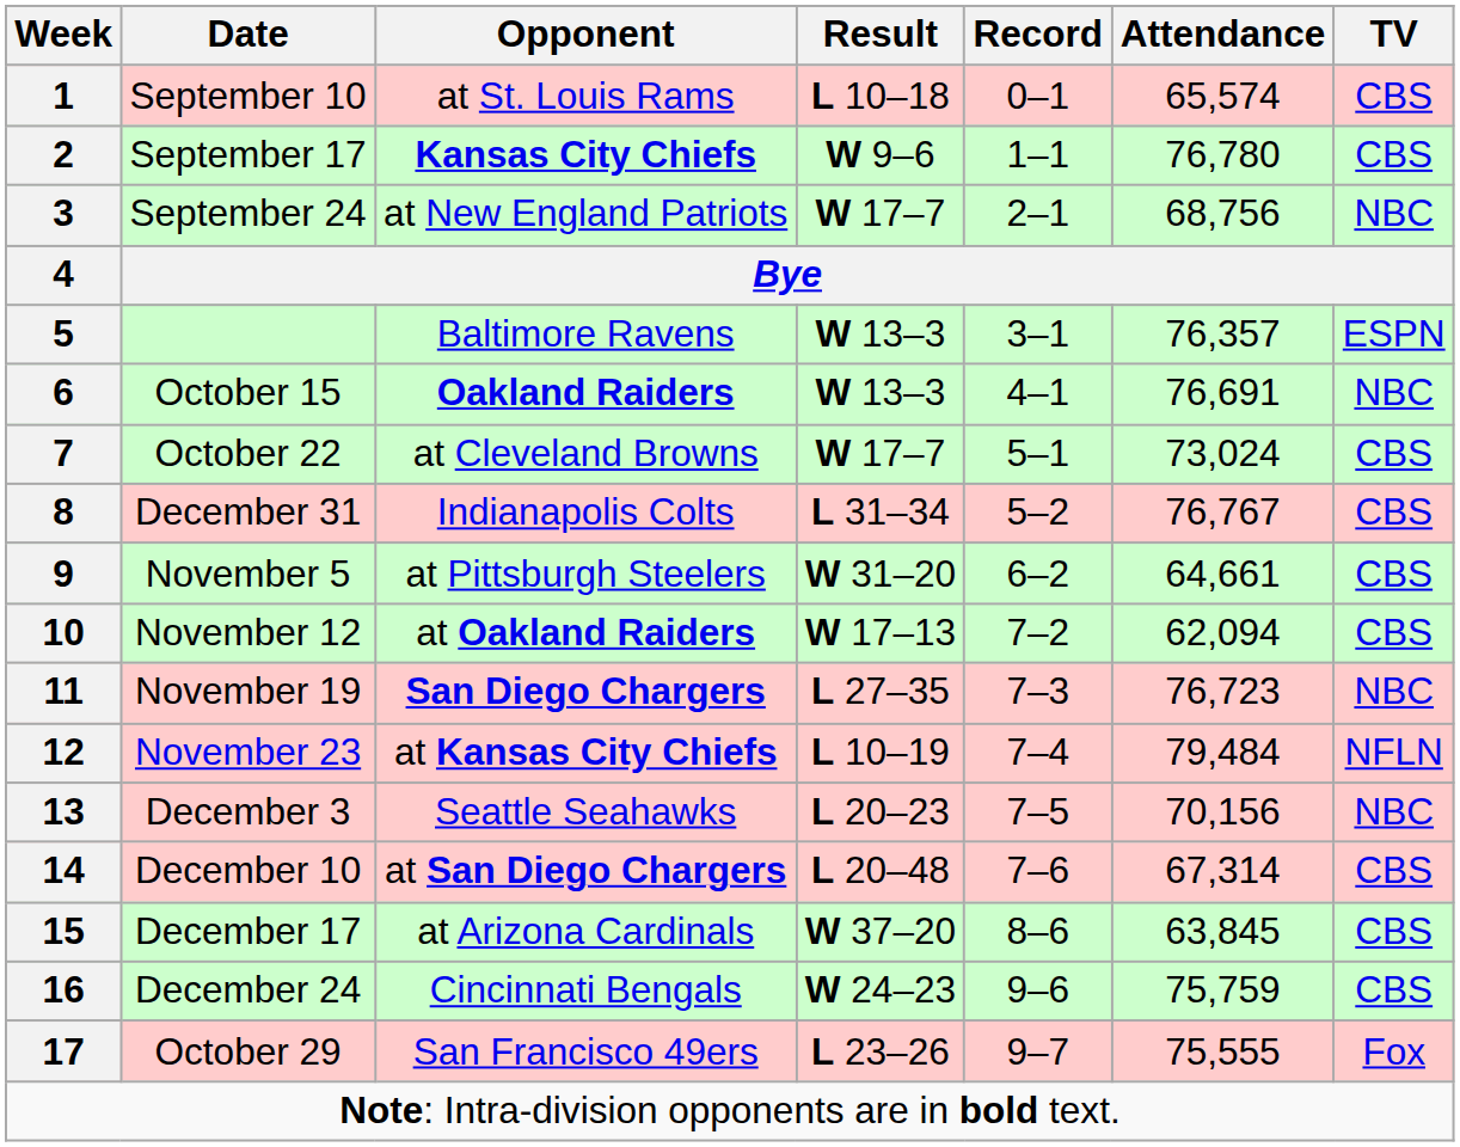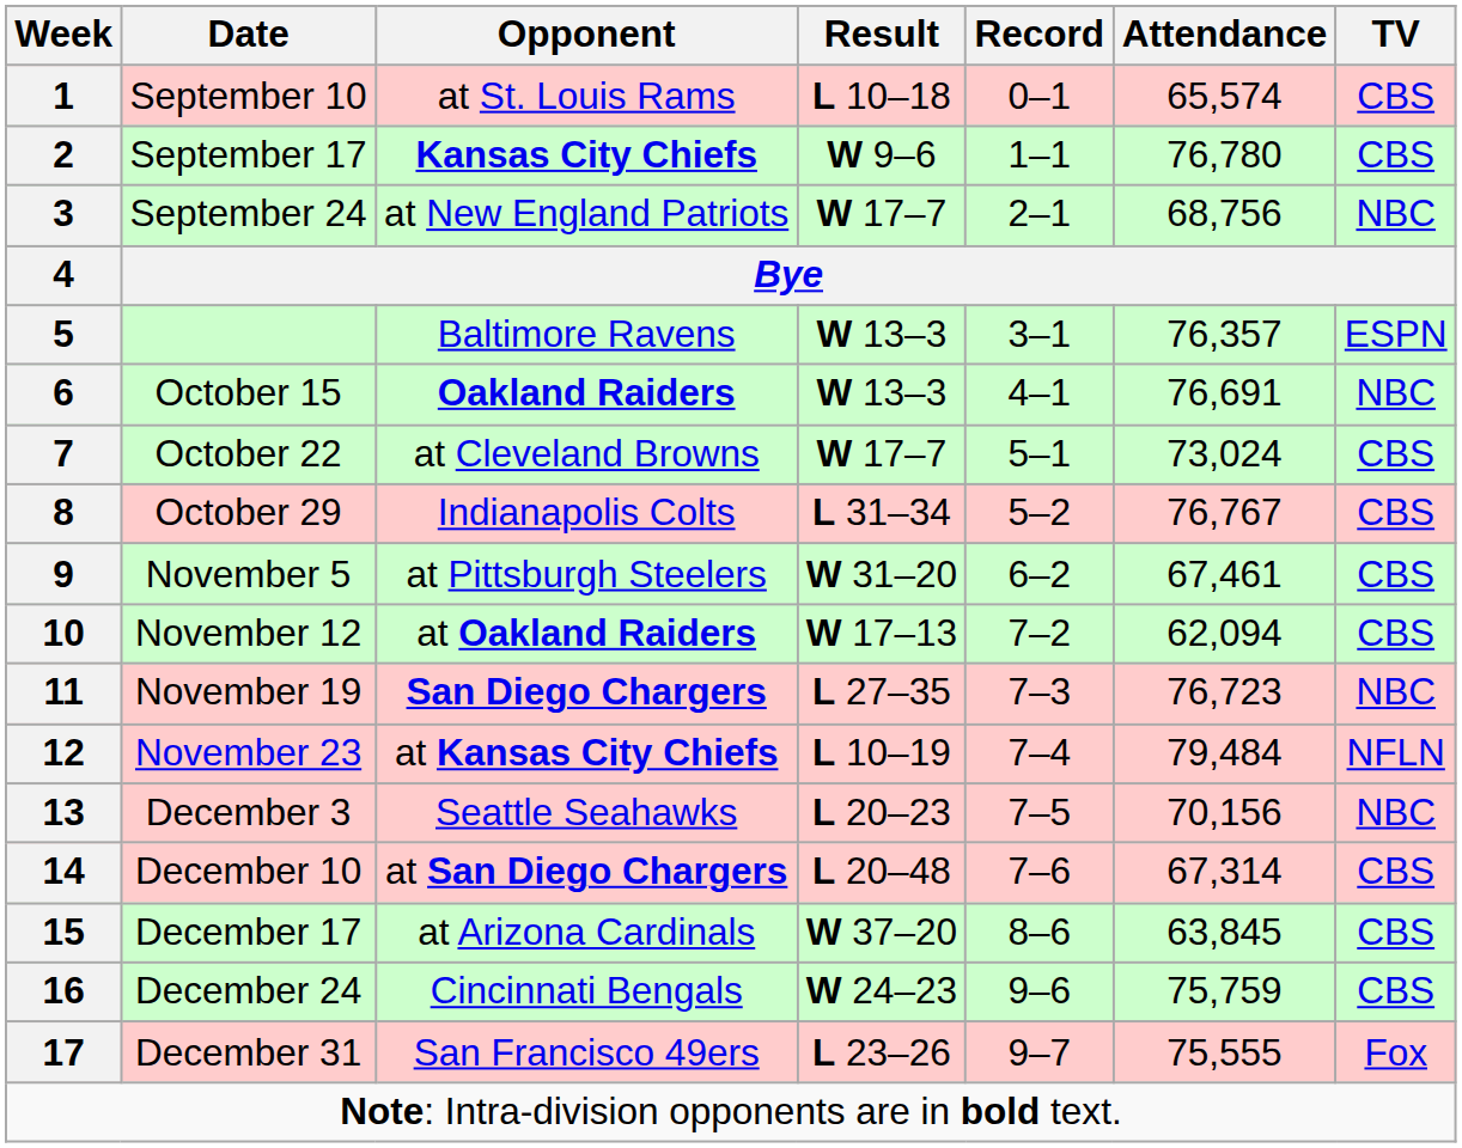 <table class="wikitable" style="text-align:center;">
 <tr>
 <th>Week</th>
 <th>Date</th>
 <th>Opponent</th>
 <th>Result</th>
 <th>Record</th>
 <th>Attendance</th>
 <th>TV</th>
 </tr>
 <tr style="background:#fcc">
 <th>1</th>
 <td>September 10</td>
 <td>at <a href='#'>St. Louis Rams</a></td>
 <td><strong>L</strong> 10–18</td>
 <td>0–1</td>
 <td>65,574</td>
 <td><a href='#'>CBS</a></td>
 </tr>
 <tr style="background:#cfc">
 <th>2</th>
 <td>September 17</td>
 <td><strong><a href='#'>Kansas City Chiefs</a></strong></td>
 <td><strong>W</strong> 9–6</td>
 <td>1–1</td>
 <td>76,780</td>
 <td><a href='#'>CBS</a></td>
 </tr>
 <tr style="background:#cfc">
 <th>3</th>
 <td>September 24</td>
 <td>at <a href='#'>New England Patriots</a></td>
 <td><strong>W</strong> 17–7</td>
 <td>2–1</td>
 <td>68,756</td>
 <td><a href='#'>NBC</a></td>
 </tr>
 <tr>
 <th>4</th>
 <th colspan=6><em><a href='#'>Bye</a></em></th>
 </tr>
 <tr style="background:#cfc">
 <th>5</th>
 <td></td>
 <td><a href='#'>Baltimore Ravens</a></td>
 <td><strong>W</strong> 13–3</td>
 <td>3–1</td>
 <td>76,357</td>
 <td><a href='#'>ESPN</a></td>
 </tr>
 <tr style="background:#cfc">
 <th>6</th>
 <td>October 15</td>
 <td><strong><a href='#'>Oakland Raiders</a></strong></td>
 <td><strong>W</strong> 13–3</td>
 <td>4–1</td>
 <td>76,691</td>
 <td><a href='#'>NBC</a></td>
 </tr>
 <tr style="background:#cfc">
 <th>7</th>
 <td>October 22</td>
 <td>at <a href='#'>Cleveland Browns</a></td>
 <td><strong>W</strong> 17–7</td>
 <td>5–1</td>
 <td>73,024</td>
 <td><a href='#'>CBS</a></td>
 </tr>
 <tr style="background:#fcc">
 <th>8</th>
-<td>December 31</td>
+<td>October 29</td>
 <td><a href='#'>Indianapolis Colts</a></td>
 <td><strong>L</strong> 31–34</td>
 <td>5–2</td>
 <td>76,767</td>
 <td><a href='#'>CBS</a></td>
 </tr>
 <tr style="background:#cfc">
 <th>9</th>
 <td>November 5</td>
 <td>at <a href='#'>Pittsburgh Steelers</a></td>
 <td><strong>W</strong> 31–20</td>
 <td>6–2</td>
-<td>64,661</td>
+<td>67,461</td>
 <td><a href='#'>CBS</a></td>
 </tr>
 <tr style="background:#cfc">
 <th>10</th>
 <td>November 12</td>
 <td>at <strong><a href='#'>Oakland Raiders</a></strong></td>
 <td><strong>W</strong> 17–13</td>
 <td>7–2</td>
 <td>62,094</td>
 <td><a href='#'>CBS</a></td>
 </tr>
 <tr style="background:#fcc">
 <th>11</th>
 <td>November 19</td>
 <td><strong><a href='#'>San Diego Chargers</a></strong></td>
 <td><strong>L</strong> 27–35</td>
 <td>7–3</td>
 <td>76,723</td>
 <td><a href='#'>NBC</a></td>
 </tr>
 <tr style="background:#fcc">
 <th>12</th>
 <td><a href='#'>November 23</a></td>
 <td>at <strong><a href='#'>Kansas City Chiefs</a></strong></td>
 <td><strong>L</strong> 10–19</td>
 <td>7–4</td>
 <td>79,484</td>
 <td><a href='#'>NFLN</a></td>
 </tr>
 <tr style="background:#fcc">
 <th>13</th>
 <td>December 3</td>
 <td><a href='#'>Seattle Seahawks</a></td>
 <td><strong>L</strong> 20–23</td>
 <td>7–5</td>
 <td>70,156</td>
 <td><a href='#'>NBC</a></td>
 </tr>
 <tr style="background:#fcc">
 <th>14</th>
 <td>December 10</td>
 <td>at <strong><a href='#'>San Diego Chargers</a></strong></td>
 <td><strong>L</strong> 20–48</td>
 <td>7–6</td>
 <td>67,314</td>
 <td><a href='#'>CBS</a></td>
 </tr>
 <tr style="background:#cfc">
 <th>15</th>
 <td>December 17</td>
 <td>at <a href='#'>Arizona Cardinals</a></td>
 <td><strong>W</strong> 37–20</td>
 <td>8–6</td>
 <td>63,845</td>
 <td><a href='#'>CBS</a></td>
 </tr>
 <tr style="background:#cfc">
 <th>16</th>
 <td>December 24</td>
 <td><a href='#'>Cincinnati Bengals</a></td>
 <td><strong>W</strong> 24–23</td>
 <td>9–6</td>
 <td>75,759</td>
 <td><a href='#'>CBS</a></td>
 </tr>
 <tr style="background:#fcc">
 <th>17</th>
-<td>October 29</td>
+<td>December 31</td>
 <td><a href='#'>San Francisco 49ers</a></td>
 <td><strong>L</strong> 23–26</td>
 <td>9–7</td>
 <td>75,555</td>
 <td><a href='#'>Fox</a></td>
 </tr>
 <tr>
 <td colspan="7"><strong>Note</strong>: Intra-division opponents are in <strong>bold</strong> text.</td>
 </tr>
 </table>
